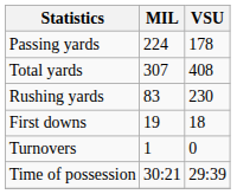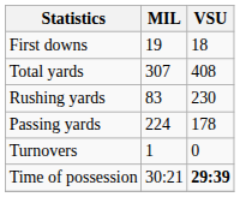 <table class="wikitable">
 <tr>
 <th>Statistics</th>
 <th>MIL</th>
 <th>VSU</th>
 </tr>
 <tr>
-<td>Passing yards</td>
-<td>224</td>
-<td>178</td>
+<td>First downs</td>
+<td>19</td>
+<td>18</td>
 </tr>
 <tr>
 <td>Total yards</td>
 <td>307</td>
 <td>408</td>
 </tr>
 <tr>
 <td>Rushing yards</td>
 <td>83</td>
 <td>230</td>
 </tr>
 <tr>
-<td>First downs</td>
-<td>19</td>
-<td>18</td>
+<td>Passing yards</td>
+<td>224</td>
+<td>178</td>
 </tr>
 <tr>
 <td>Turnovers</td>
 <td>1</td>
 <td>0</td>
 </tr>
 <tr>
 <td>Time of possession</td>
 <td>30:21</td>
-<td>29:39</td>
+<td><strong>29:39</strong></td>
 </tr>
 <tr>
 </tr>
 </table>
